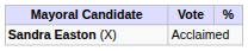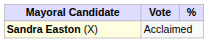 <table class="wikitable">
 <tr>
 <th style="background:#ddf; width:200px;">Mayoral Candidate</th>
 <th style="background:#ddf; width:50px;">Vote</th>
 <th style="background:#ddf; width:30px;">%</th>
 </tr>
 <tr>
-<td><strong>Sandra Easton</strong> (X)</td>
+<td style="background: lightyellow;"><strong>Sandra Easton</strong> (X)</td>
 <td colspan="2">Acclaimed</td>
 </tr>
 </table>
